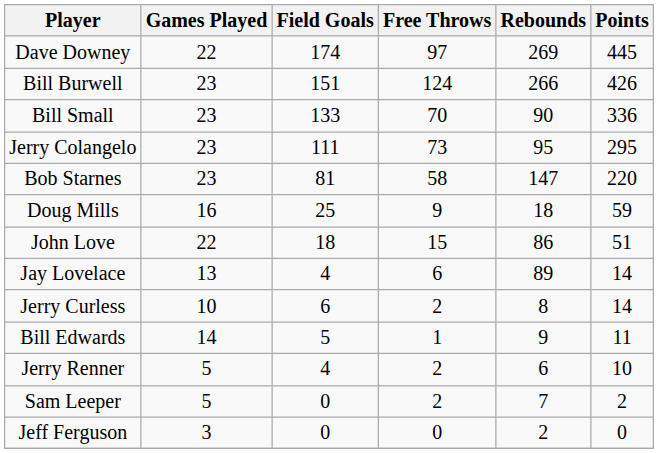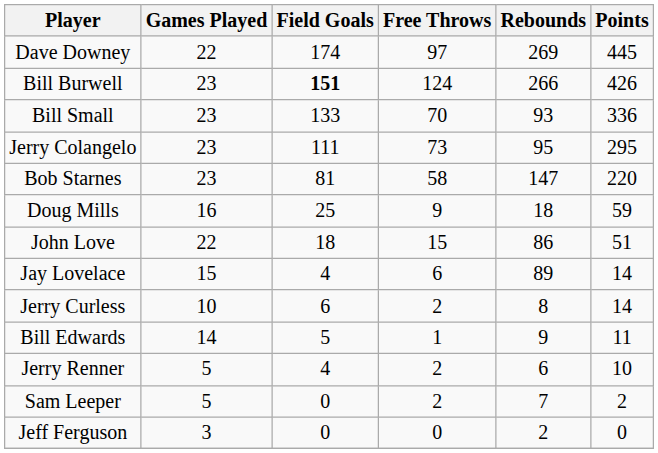 <table class="wikitable sortable">
 <tr>
 <th>Player</th>
 <th>Games Played</th>
 <th>Field Goals</th>
 <th>Free Throws</th>
 <th>Rebounds</th>
 <th>Points</th>
 </tr>
 <tr align="center" bgcolor="">
 <td>Dave Downey</td>
 <td>22</td>
 <td>174</td>
 <td>97</td>
 <td>269</td>
 <td>445</td>
 </tr>
 <tr align="center" bgcolor="">
 <td>Bill Burwell</td>
 <td>23</td>
-<td>151</td>
+<td><strong>151</strong></td>
 <td>124</td>
 <td>266</td>
 <td>426</td>
 </tr>
 <tr align="center" bgcolor="">
 <td>Bill Small</td>
 <td>23</td>
 <td>133</td>
 <td>70</td>
-<td>90</td>
+<td>93</td>
 <td>336</td>
 </tr>
 <tr align="center" bgcolor="">
 <td>Jerry Colangelo</td>
 <td>23</td>
 <td>111</td>
 <td>73</td>
 <td>95</td>
 <td>295</td>
 </tr>
 <tr align="center" bgcolor="">
 <td>Bob Starnes</td>
 <td>23</td>
 <td>81</td>
 <td>58</td>
 <td>147</td>
 <td>220</td>
 </tr>
 <tr align="center" bgcolor="">
 <td>Doug Mills</td>
 <td>16</td>
 <td>25</td>
 <td>9</td>
 <td>18</td>
 <td>59</td>
 </tr>
 <tr align="center" bgcolor="">
 <td>John Love</td>
 <td>22</td>
 <td>18</td>
 <td>15</td>
 <td>86</td>
 <td>51</td>
 </tr>
 <tr align="center" bgcolor="">
 <td>Jay Lovelace</td>
-<td>13</td>
+<td>15</td>
 <td>4</td>
 <td>6</td>
 <td>89</td>
 <td>14</td>
 </tr>
 <tr align="center" bgcolor="">
 <td>Jerry Curless</td>
 <td>10</td>
 <td>6</td>
 <td>2</td>
 <td>8</td>
 <td>14</td>
 </tr>
 <tr align="center" bgcolor="">
 <td>Bill Edwards</td>
 <td>14</td>
 <td>5</td>
 <td>1</td>
 <td>9</td>
 <td>11</td>
 </tr>
 <tr align="center" bgcolor="">
 <td>Jerry Renner</td>
 <td>5</td>
 <td>4</td>
 <td>2</td>
 <td>6</td>
 <td>10</td>
 </tr>
 <tr align="center" bgcolor="">
 <td>Sam Leeper</td>
 <td>5</td>
 <td>0</td>
 <td>2</td>
 <td>7</td>
 <td>2</td>
 </tr>
 <tr align="center" bgcolor="">
 <td>Jeff Ferguson</td>
 <td>3</td>
 <td>0</td>
 <td>0</td>
 <td>2</td>
 <td>0</td>
 </tr>
 <tr align="center" bgcolor="">
 </tr>
 </table>
